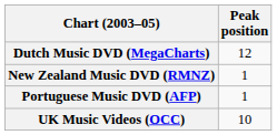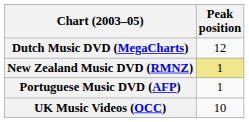 <table class="wikitable sortable plainrowheaders" style="text-align:center">
 <tr>
 <th scope="col">Chart (2003–05)</th>
 <th scope="col">Peak<br>position</th>
 </tr>
 <tr>
 <th scope="row">Dutch Music DVD (<a href='#'>MegaCharts</a>)</th>
 <td>12</td>
 </tr>
 <tr>
 <th scope="row">New Zealand Music DVD (<a href='#'>RMNZ</a>)</th>
-<td>1</td>
+<td style="background: khaki;">1</td>
 </tr>
 <tr>
 <th scope="row">Portuguese Music DVD (<a href='#'>AFP</a>)</th>
 <td>1</td>
 </tr>
 <tr>
 <th scope="row">UK Music Videos (<a href='#'>OCC</a>)</th>
 <td>10</td>
 </tr>
 </table>
